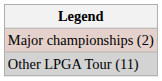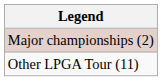 <table class="wikitable" style="font-size:95%;">
 <tr>
 <th>Legend</th>
 </tr>
 <tr style="background:#e5d1cb;">
 <td>Major championships (2)</td>
 </tr>
 <tr>
-<td style="background: lightgrey;">Other LPGA Tour (11)</td>
+<td>Other LPGA Tour (11)</td>
 </tr>
 </table>
